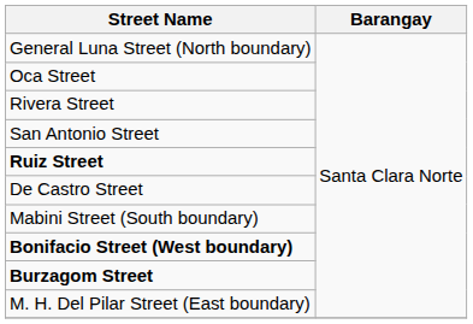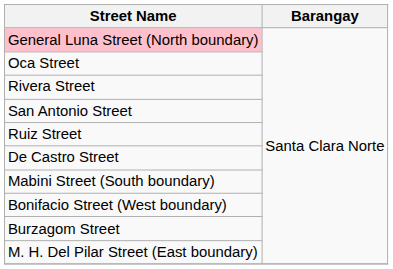 <table class="wikitable">
 <tr>
 <th>Street Name</th>
 <th>Barangay</th>
 </tr>
 <tr>
-<td>General Luna Street (North boundary)</td>
+<td style="background: pink;">General Luna Street (North boundary)</td>
 <td rowspan="10">Santa Clara Norte</td>
 </tr>
 <tr>
 <td>Oca Street </td>
 </tr>
 <tr>
 <td>Rivera Street </td>
 </tr>
 <tr>
 <td>San Antonio Street </td>
 </tr>
 <tr>
-<td><strong>Ruiz Street </strong></td>
+<td>Ruiz Street </td>
 </tr>
 <tr>
 <td>De Castro Street </td>
 </tr>
 <tr>
 <td>Mabini Street (South boundary) </td>
 </tr>
 <tr>
-<td><strong>Bonifacio Street (West boundary) </strong></td>
+<td>Bonifacio Street (West boundary) </td>
 </tr>
 <tr>
-<td><strong>Burzagom Street </strong></td>
+<td>Burzagom Street </td>
 </tr>
 <tr>
 <td>M. H. Del Pilar Street (East boundary) </td>
 </tr>
 <tr>
 </tr>
 </table>
